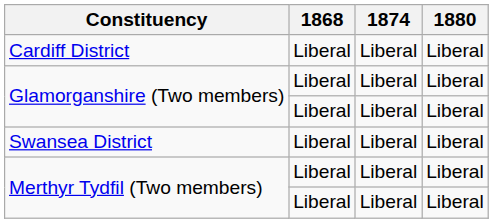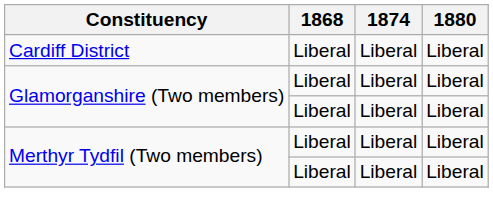 <table class="wikitable">
 <tr>
 <th>Constituency</th>
 <th>1868</th>
 <th>1874</th>
 <th>1880</th>
 </tr>
 <tr>
 <td><a href='#'>Cardiff District</a></td>
 <td>Liberal</td>
 <td>Liberal</td>
 <td>Liberal</td>
 </tr>
 <tr>
 <td rowspan="2"><a href='#'>Glamorganshire</a> (Two members)</td>
 <td>Liberal</td>
 <td>Liberal</td>
 <td>Liberal</td>
 </tr>
 <tr>
 <td>Liberal</td>
 <td>Liberal</td>
 <td>Liberal</td>
 </tr>
 <tr>
-<td><a href='#'>Swansea District</a></td>
-<td>Liberal</td>
-<td>Liberal</td>
-<td>Liberal</td>
-</tr>
-<tr>
 <td rowspan="2"><a href='#'>Merthyr Tydfil</a> (Two members)</td>
 <td>Liberal</td>
 <td>Liberal</td>
 <td>Liberal</td>
 </tr>
 <tr>
 <td>Liberal</td>
 <td>Liberal</td>
 <td>Liberal</td>
 </tr>
 </table>
